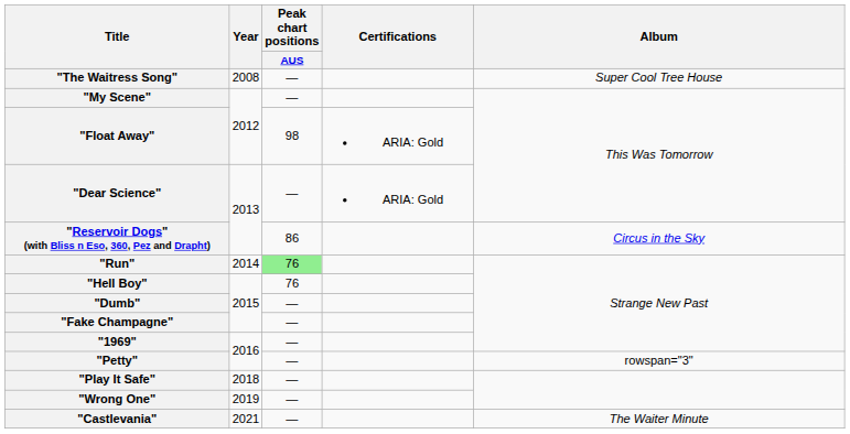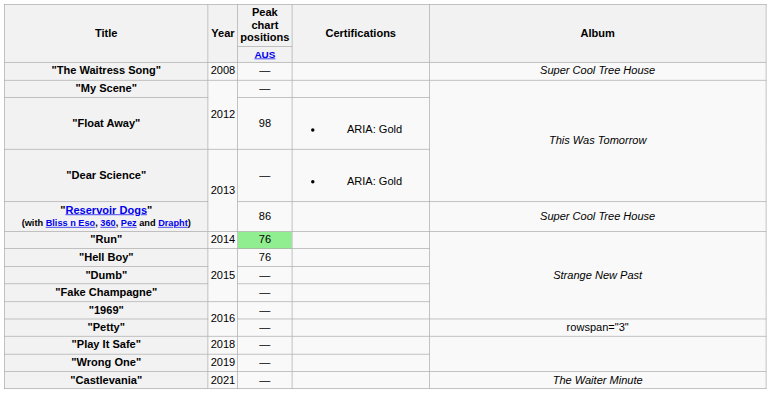 <table class="wikitable plainrowheaders" style="text-align:center;">
 <tr>
 <th scope="col" rowspan="2" style="width:18em;">Title</th>
 <th scope="col" rowspan="2" style="width:1em;">Year</th>
 <th scope="col" colspan="1">Peak chart positions</th>
 <th scope="col" rowspan="2" style="width:12em;">Certifications</th>
 <th scope="col" rowspan="2" style="width:30em;">Album</th>
 </tr>
 <tr>
 <th scope="col" style="width:3em;font-size:90%;"><a href='#'>AUS</a><br></th>
 </tr>
 <tr>
 <th scope="row">"The Waitress Song"</th>
 <td>2008</td>
 <td>—</td>
 <td></td>
 <td><em>Super Cool Tree House</em></td>
 </tr>
 <tr>
 <th scope="row">"My Scene"</th>
 <td rowspan="2">2012</td>
 <td>—</td>
 <td></td>
 <td rowspan="3"><em>This Was Tomorrow</em></td>
 </tr>
 <tr>
 <th scope="row">"Float Away"</th>
 <td>98</td>
 <td><br><ul><li>ARIA: Gold</li></ul></td>
 </tr>
 <tr>
 <th scope="row">"Dear Science"</th>
 <td rowspan="2">2013</td>
 <td>—</td>
 <td><br><ul><li>ARIA: Gold</li></ul></td>
 </tr>
 <tr>
 <th scope="row">"<a href='#'>Reservoir Dogs</a>" <br> <small>(with <a href='#'>Bliss n Eso</a>, <a href='#'>360</a>, <a href='#'>Pez</a> and <a href='#'>Drapht</a>)</small></th>
 <td>86</td>
 <td></td>
-<td><em><a href='#'>Circus in the Sky</a></em></td>
+<td><em>Super Cool Tree House</em></td>
 </tr>
 <tr>
 <th scope="row">"Run"</th>
 <td>2014</td>
 <td style="background: lightgreen;">76</td>
 <td></td>
 <td rowspan="5"><em>Strange New Past</em></td>
 </tr>
 <tr>
 <th scope="row">"Hell Boy"</th>
 <td rowspan="3">2015</td>
 <td>76</td>
 <td></td>
 </tr>
 <tr>
 <th scope="row">"Dumb"</th>
 <td>—</td>
 <td></td>
 </tr>
 <tr>
 <th scope="row">"Fake Champagne"</th>
 <td>—</td>
 <td></td>
 </tr>
 <tr>
 <th scope="row">"1969"</th>
 <td rowspan="2">2016</td>
 <td>—</td>
 <td></td>
 </tr>
 <tr>
 <th scope="row">"Petty"</th>
 <td>—</td>
 <td></td>
 <td>rowspan="3" </td>
 </tr>
 <tr>
 <th scope="row">"Play It Safe"</th>
 <td>2018</td>
 <td>—</td>
 <td></td>
 </tr>
 <tr>
 <th scope="row">"Wrong One"</th>
 <td>2019</td>
 <td>—</td>
 <td></td>
 </tr>
 <tr>
 <th scope="row">"Castlevania"</th>
 <td>2021</td>
 <td>—</td>
 <td></td>
 <td><em>The Waiter Minute</em></td>
 </tr>
 </table>
